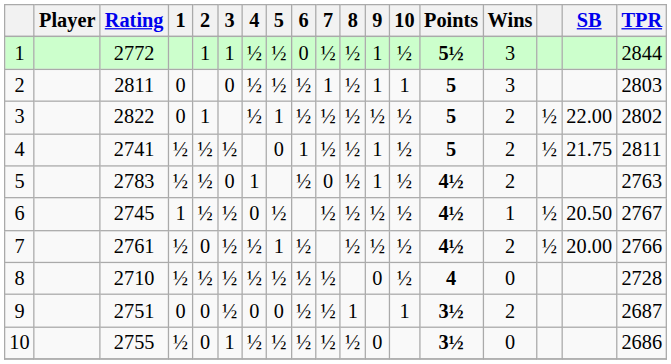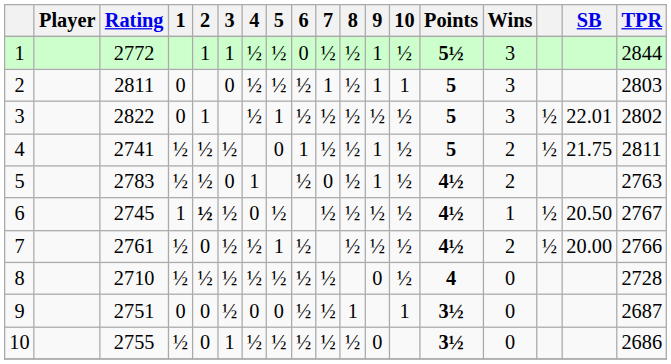 <table class="wikitable" style="text-align:center;">
 <tr>
 <th></th>
 <th>Player</th>
 <th><a href='#'>Rating</a></th>
 <th>1</th>
 <th>2</th>
 <th>3</th>
 <th>4</th>
 <th>5</th>
 <th>6</th>
 <th>7</th>
 <th>8</th>
 <th>9</th>
 <th>10</th>
 <th>Points</th>
 <th>Wins</th>
 <th></th>
 <th><a href='#'>SB</a></th>
 <th><a href='#'>TPR</a></th>
 </tr>
 <tr>
 </tr>
 <tr style="background:#ccffcc;">
 <td>1</td>
 <td align=left><strong></strong></td>
 <td>2772</td>
 <td></td>
 <td>1</td>
 <td>1</td>
 <td>½</td>
 <td>½</td>
 <td>0</td>
 <td>½</td>
 <td>½</td>
 <td>1</td>
 <td>½</td>
 <td><strong>5½</strong></td>
 <td>3</td>
 <td></td>
 <td></td>
 <td>2844</td>
 </tr>
 <tr>
 <td>2</td>
 <td align=left></td>
 <td>2811</td>
 <td>0</td>
 <td></td>
 <td>0</td>
 <td>½</td>
 <td>½</td>
 <td>½</td>
 <td>1</td>
 <td>½</td>
 <td>1</td>
 <td>1</td>
 <td><strong>5</strong></td>
 <td>3</td>
 <td></td>
 <td></td>
 <td>2803</td>
 </tr>
 <tr>
 <td>3</td>
 <td align=left></td>
 <td>2822</td>
 <td>0</td>
 <td>1</td>
 <td></td>
 <td>½</td>
 <td>1</td>
 <td>½</td>
 <td>½</td>
 <td>½</td>
 <td>½</td>
 <td>½</td>
 <td><strong>5</strong></td>
-<td>2</td>
+<td>3</td>
 <td>½</td>
-<td>22.00</td>
+<td>22.01</td>
 <td>2802</td>
 </tr>
 <tr>
 <td>4</td>
 <td align=left></td>
 <td>2741</td>
 <td>½</td>
 <td>½</td>
 <td>½</td>
 <td></td>
 <td>0</td>
 <td>1</td>
 <td>½</td>
 <td>½</td>
 <td>1</td>
 <td>½</td>
 <td><strong>5</strong></td>
 <td>2</td>
 <td>½</td>
 <td>21.75</td>
 <td>2811</td>
 </tr>
 <tr>
 <td>5</td>
 <td align=left></td>
 <td>2783</td>
 <td>½</td>
 <td>½</td>
 <td>0</td>
 <td>1</td>
 <td></td>
 <td>½</td>
 <td>0</td>
 <td>½</td>
 <td>1</td>
 <td>½</td>
 <td><strong>4½</strong></td>
 <td>2</td>
 <td></td>
 <td></td>
 <td>2763</td>
 </tr>
 <tr>
 <td>6</td>
 <td align=left></td>
 <td>2745</td>
 <td>1</td>
-<td>½</td>
+<td><strong>½</strong></td>
 <td>½</td>
 <td>0</td>
 <td>½</td>
 <td></td>
 <td>½</td>
 <td>½</td>
 <td>½</td>
 <td>½</td>
 <td><strong>4½</strong></td>
 <td>1</td>
 <td>½</td>
 <td>20.50</td>
 <td>2767</td>
 </tr>
 <tr>
 <td>7</td>
 <td align=left></td>
 <td>2761</td>
 <td>½</td>
 <td>0</td>
 <td>½</td>
 <td>½</td>
 <td>1</td>
 <td>½</td>
 <td></td>
 <td>½</td>
 <td>½</td>
 <td>½</td>
 <td><strong>4½</strong></td>
 <td>2</td>
 <td>½</td>
 <td>20.00</td>
 <td>2766</td>
 </tr>
 <tr>
 <td>8</td>
 <td align=left></td>
 <td>2710</td>
 <td>½</td>
 <td>½</td>
 <td>½</td>
 <td>½</td>
 <td>½</td>
 <td>½</td>
 <td>½</td>
 <td></td>
 <td>0</td>
 <td>½</td>
 <td><strong>4</strong></td>
 <td>0</td>
 <td></td>
 <td></td>
 <td>2728</td>
 </tr>
 <tr>
 <td>9</td>
 <td align=left></td>
 <td>2751</td>
 <td>0</td>
 <td>0</td>
 <td>½</td>
 <td>0</td>
 <td>0</td>
 <td>½</td>
 <td>½</td>
 <td>1</td>
 <td></td>
 <td>1</td>
 <td><strong>3½</strong></td>
-<td>2</td>
+<td>0</td>
 <td></td>
 <td></td>
 <td>2687</td>
 </tr>
 <tr>
 <td>10</td>
 <td align=left></td>
 <td>2755</td>
 <td>½</td>
 <td>0</td>
 <td>1</td>
 <td>½</td>
 <td>½</td>
 <td>½</td>
 <td>½</td>
 <td>½</td>
 <td>0</td>
 <td></td>
 <td><strong>3½</strong></td>
 <td>0</td>
 <td></td>
 <td></td>
 <td>2686</td>
 </tr>
 <tr>
 </tr>
 </table>
